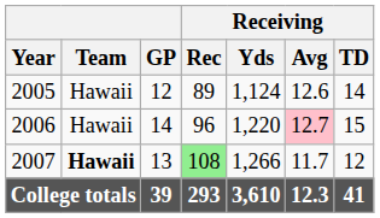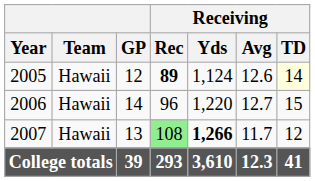 <table class="wikitable" style="text-align:center;">
 <tr>
 <th colspan=3></th>
 <th colspan=4>Receiving</th>
 </tr>
 <tr>
 <th>Year</th>
 <th>Team</th>
 <th>GP</th>
 <th>Rec</th>
 <th>Yds</th>
 <th>Avg</th>
 <th>TD</th>
 </tr>
 <tr>
 <td>2005</td>
 <td>Hawaii</td>
 <td>12</td>
-<td>89</td>
+<td><strong>89</strong></td>
 <td>1,124</td>
 <td>12.6</td>
-<td>14</td>
+<td style="background: lightyellow;">14</td>
 </tr>
 <tr>
 <td>2006</td>
 <td>Hawaii</td>
 <td>14</td>
 <td>96</td>
 <td>1,220</td>
-<td style="background: pink;">12.7</td>
+<td>12.7</td>
 <td>15</td>
 </tr>
 <tr>
 <td>2007</td>
-<td><strong>Hawaii</strong></td>
+<td>Hawaii</td>
 <td>13</td>
 <td style="background: lightgreen;">108</td>
-<td>1,266</td>
+<td><strong>1,266</strong></td>
 <td>11.7</td>
 <td>12</td>
 </tr>
 <tr style="background:#555; font-weight:bold; color:white;">
 <td colspan=2>College totals</td>
 <td>39</td>
 <td>293</td>
 <td>3,610</td>
 <td>12.3</td>
 <td>41</td>
 </tr>
 </table>
